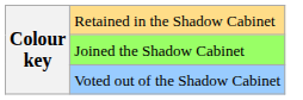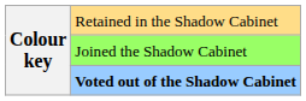 <table class="wikitable">
 <tr>
 <th rowspan=3>Colour<br>key</th>
 <td bgcolor=ffdd88><small>Retained in the Shadow Cabinet</small></td>
 </tr>
 <tr bgcolor=99ff66>
 <td><small>Joined the Shadow Cabinet</small></td>
 </tr>
 <tr bgcolor=99ccff>
-<td><small>Voted out of the Shadow Cabinet</small></td>
+<td><strong><small>Voted out of the Shadow Cabinet</small></strong></td>
 </tr>
 </table>
